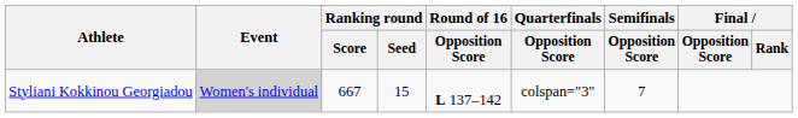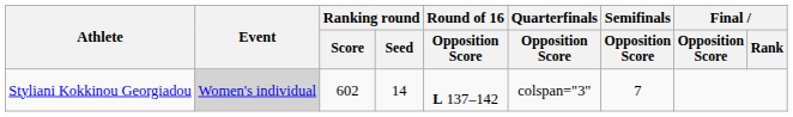 <table class="wikitable" style="text-align:center; font-size:90%">
 <tr>
 <th rowspan="2">Athlete</th>
 <th rowspan="2">Event</th>
 <th colspan="2">Ranking round</th>
 <th>Round of 16</th>
 <th>Quarterfinals</th>
 <th>Semifinals</th>
 <th colspan="2">Final / </th>
 </tr>
 <tr style="font-size:95%">
 <th>Score</th>
 <th>Seed</th>
 <th>Opposition<br>Score</th>
 <th>Opposition<br>Score</th>
 <th>Opposition<br>Score</th>
 <th>Opposition<br>Score</th>
 <th>Rank</th>
 </tr>
 <tr>
 <td align="left"><a href='#'>Styliani Kokkinou Georgiadou</a></td>
 <td align="left" style="background: lightgrey;"><a href='#'>Women's individual</a></td>
-<td>667</td>
-<td>15</td>
+<td>602</td>
+<td>14</td>
 <td><br><strong>L</strong> 137–142</td>
 <td>colspan="3" </td>
 <td>7</td>
 </tr>
 </table>
